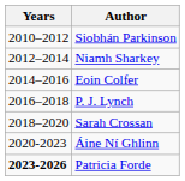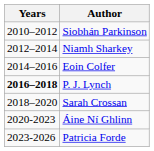 <table class="wikitable">
 <tr>
 <th>Years</th>
 <th>Author</th>
 </tr>
 <tr>
 <td>2010–2012</td>
 <td><a href='#'>Siobhán Parkinson</a></td>
 </tr>
 <tr>
 <td>2012–2014</td>
 <td><a href='#'>Niamh Sharkey</a></td>
 </tr>
 <tr>
 <td>2014–2016</td>
 <td><a href='#'>Eoin Colfer</a></td>
 </tr>
 <tr>
-<td>2016–2018</td>
+<td><strong>2016–2018</strong></td>
 <td><a href='#'>P. J. Lynch</a></td>
 </tr>
 <tr>
 <td>2018–2020</td>
 <td><a href='#'>Sarah Crossan</a></td>
 </tr>
 <tr>
 <td>2020-2023</td>
 <td><a href='#'>Áine Ní Ghlinn</a></td>
 </tr>
 <tr>
-<td><strong>2023-2026</strong></td>
+<td>2023-2026</td>
 <td><a href='#'>Patricia Forde</a></td>
 </tr>
 </table>
